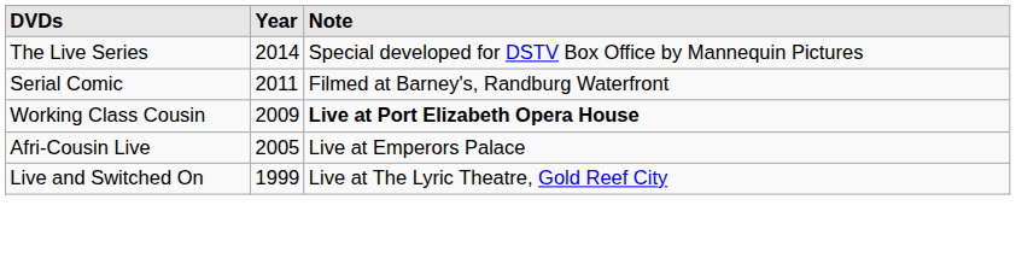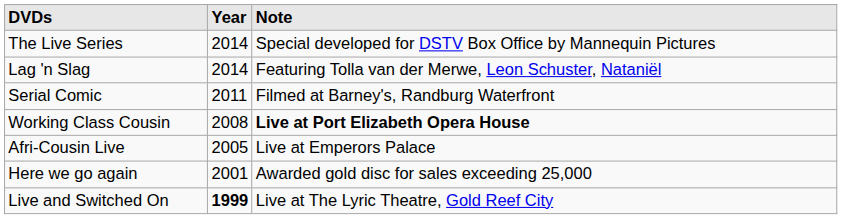 <table class="wikitable" style= style="width:70%;">
 <tr style="background:#e8e7e7;">
 <td scope="col" style="width:190px;"><strong>DVDs</strong></td>
 <td scope="col" style="width:30px;"><strong>Year</strong></td>
 <td scope="col" style="width:560px;"><strong>Note</strong></td>
 </tr>
 <tr>
 <td>The Live Series</td>
 <td>2014</td>
 <td>Special developed for <a href='#'>DSTV</a> Box Office by Mannequin Pictures</td>
 </tr>
 <tr>
+<td>Lag 'n Slag</td>
+<td>2014</td>
+<td>Featuring Tolla van der Merwe, <a href='#'>Leon Schuster</a>, <a href='#'>Nataniël</a></td>
+</tr>
+<tr>
 <td>Serial Comic</td>
 <td>2011</td>
 <td>Filmed at Barney's, Randburg Waterfront</td>
 </tr>
 <tr>
 <td>Working Class Cousin</td>
-<td>2009</td>
+<td>2008</td>
 <td><strong>Live at Port Elizabeth Opera House</strong></td>
 </tr>
 <tr>
 <td>Afri-Cousin Live</td>
 <td>2005</td>
 <td>Live at Emperors Palace</td>
 </tr>
 <tr>
+<td>Here we go again</td>
+<td>2001</td>
+<td>Awarded gold disc for sales exceeding 25,000</td>
+</tr>
+<tr>
 <td>Live and Switched On</td>
-<td>1999</td>
+<td><strong>1999</strong></td>
 <td>Live at The Lyric Theatre, <a href='#'>Gold Reef City</a></td>
 </tr>
 </table>
